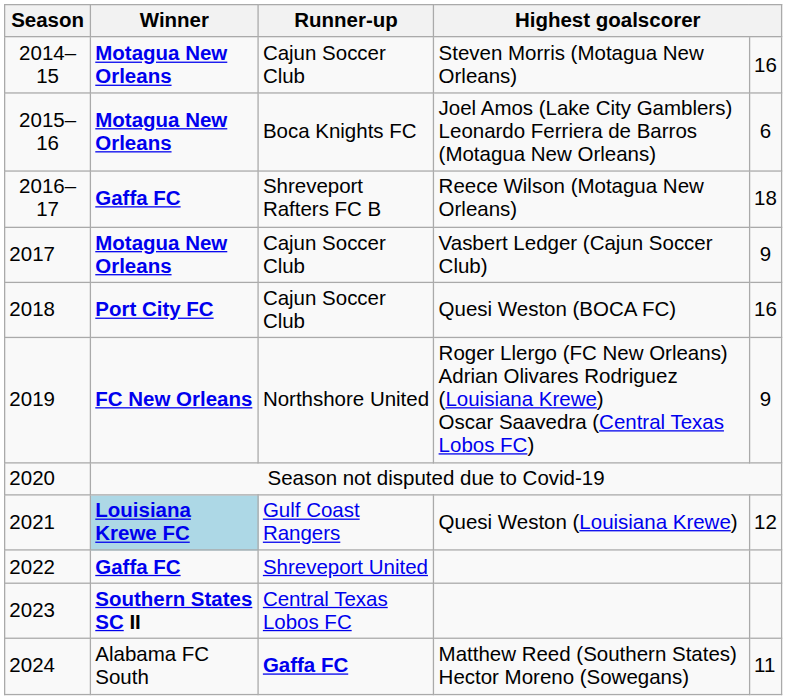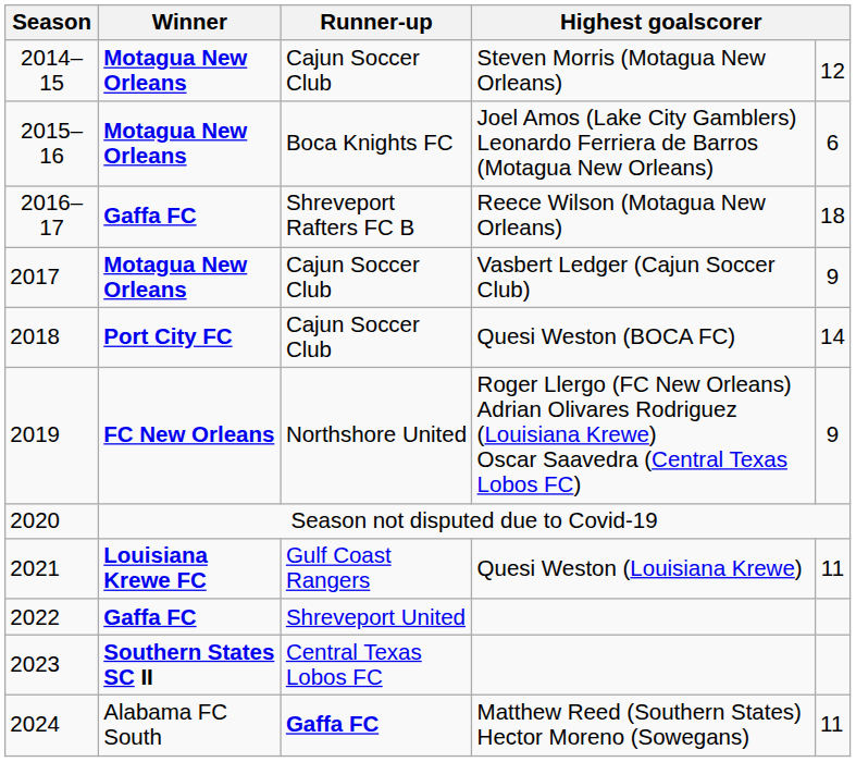 <table class="wikitable">
 <tr>
 <th>Season</th>
 <th>Winner</th>
 <th>Runner-up</th>
 <th colspan=2>Highest goalscorer</th>
 </tr>
 <tr>
 <td align=center>2014–15</td>
 <td><strong><a href='#'>Motagua New Orleans</a></strong></td>
 <td>Cajun Soccer Club</td>
 <td>Steven Morris (Motagua New Orleans)</td>
-<td align=center>16</td>
+<td align=center>12</td>
 </tr>
 <tr>
 <td align=center>2015–16</td>
 <td><strong><a href='#'>Motagua New Orleans</a></strong></td>
 <td>Boca Knights FC</td>
 <td>Joel Amos (Lake City Gamblers)<br>Leonardo Ferriera de Barros (Motagua New Orleans)</td>
 <td align=center>6</td>
 </tr>
 <tr>
 <td align=center>2016–17</td>
 <td><strong><a href='#'>Gaffa FC</a></strong></td>
 <td>Shreveport Rafters FC B</td>
 <td>Reece Wilson (Motagua New Orleans)</td>
 <td align=center>18</td>
 </tr>
 <tr>
 <td>2017</td>
 <td><strong><a href='#'>Motagua New Orleans</a></strong></td>
 <td>Cajun Soccer Club</td>
 <td>Vasbert Ledger (Cajun Soccer Club)</td>
 <td align=center>9</td>
 </tr>
 <tr>
 <td>2018</td>
 <td><strong><a href='#'>Port City FC</a></strong></td>
 <td>Cajun Soccer Club</td>
 <td>Quesi Weston (BOCA FC)</td>
-<td align=center>16</td>
+<td align=center>14</td>
 </tr>
 <tr>
 <td>2019</td>
 <td><strong><a href='#'>FC New Orleans</a></strong></td>
 <td>Northshore United</td>
 <td>Roger Llergo (FC New Orleans)<br>Adrian Olivares Rodriguez (<a href='#'>Louisiana Krewe</a>)<br> Oscar Saavedra (<a href='#'>Central Texas Lobos FC</a>)</td>
 <td align=center>9</td>
 </tr>
 <tr>
 <td>2020</td>
 <td colspan="4" style="text-align:center;">Season not disputed due to Covid-19</td>
 </tr>
 <tr>
 <td>2021</td>
-<td style="background: lightblue;"><strong><a href='#'>Louisiana Krewe FC</a></strong></td>
+<td><strong><a href='#'>Louisiana Krewe FC</a></strong></td>
 <td><a href='#'>Gulf Coast Rangers</a></td>
 <td>Quesi Weston (<a href='#'>Louisiana Krewe</a>)</td>
-<td align=center>12</td>
+<td align=center>11</td>
 </tr>
 <tr>
 <td>2022</td>
 <td><strong><a href='#'>Gaffa FC</a></strong></td>
 <td><a href='#'>Shreveport United</a></td>
 <td></td>
 <td></td>
 </tr>
 <tr>
 <td>2023</td>
 <td><strong><a href='#'>Southern States SC</a> II</strong></td>
 <td><a href='#'>Central Texas Lobos FC</a></td>
 <td></td>
 <td></td>
 </tr>
 <tr>
 <td>2024</td>
 <td>Alabama FC South</td>
 <td><strong><a href='#'>Gaffa FC</a></strong></td>
 <td>Matthew Reed (Southern States)<br>Hector Moreno (Sowegans)</td>
 <td>11</td>
 </tr>
 </table>
